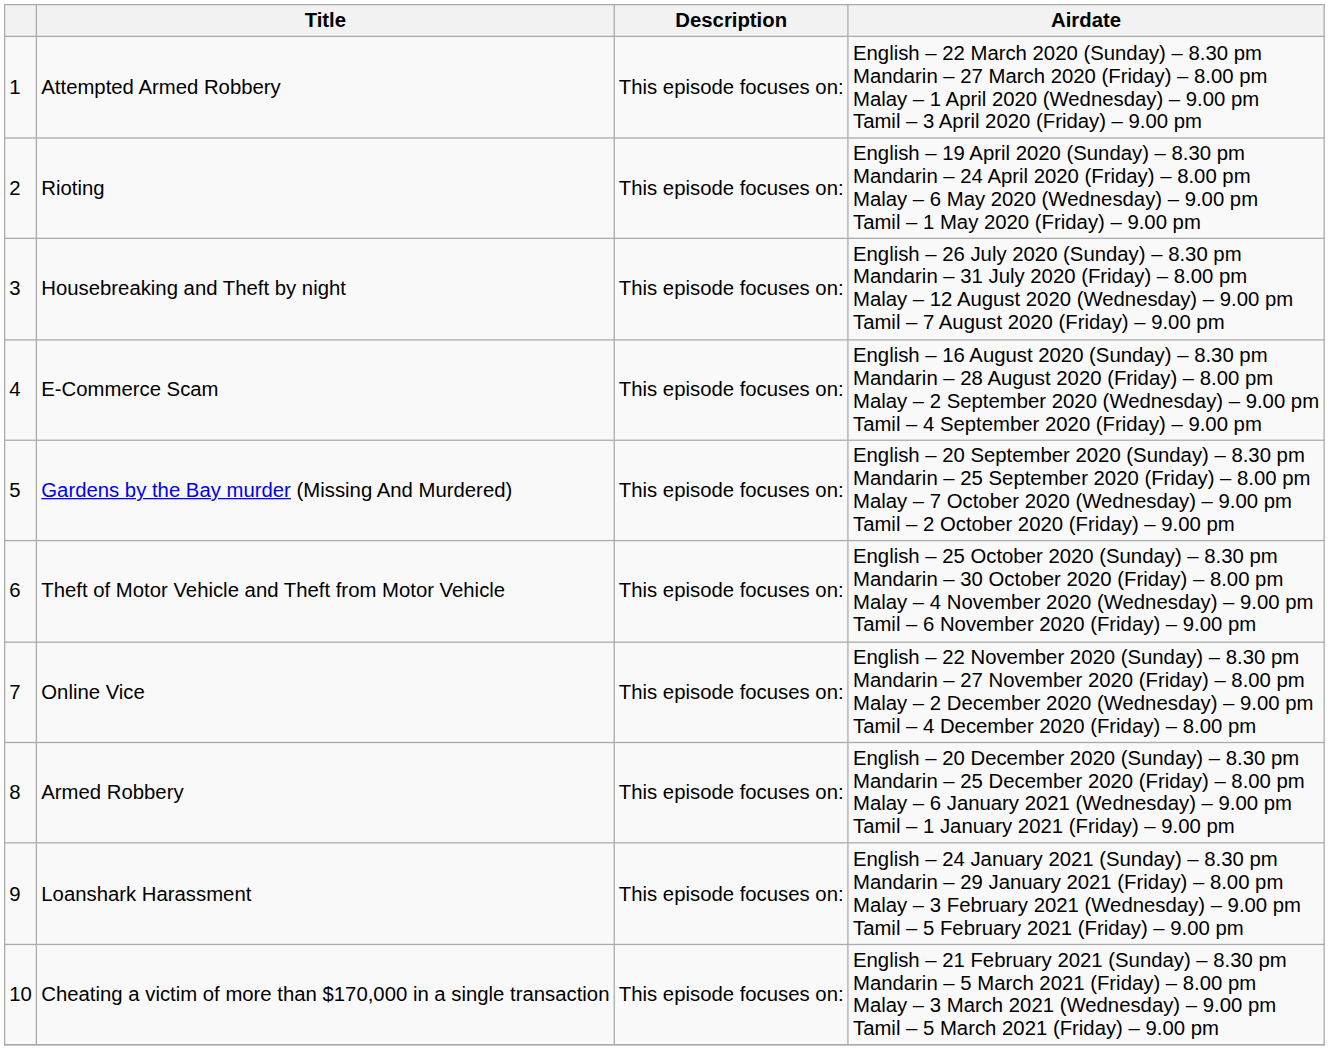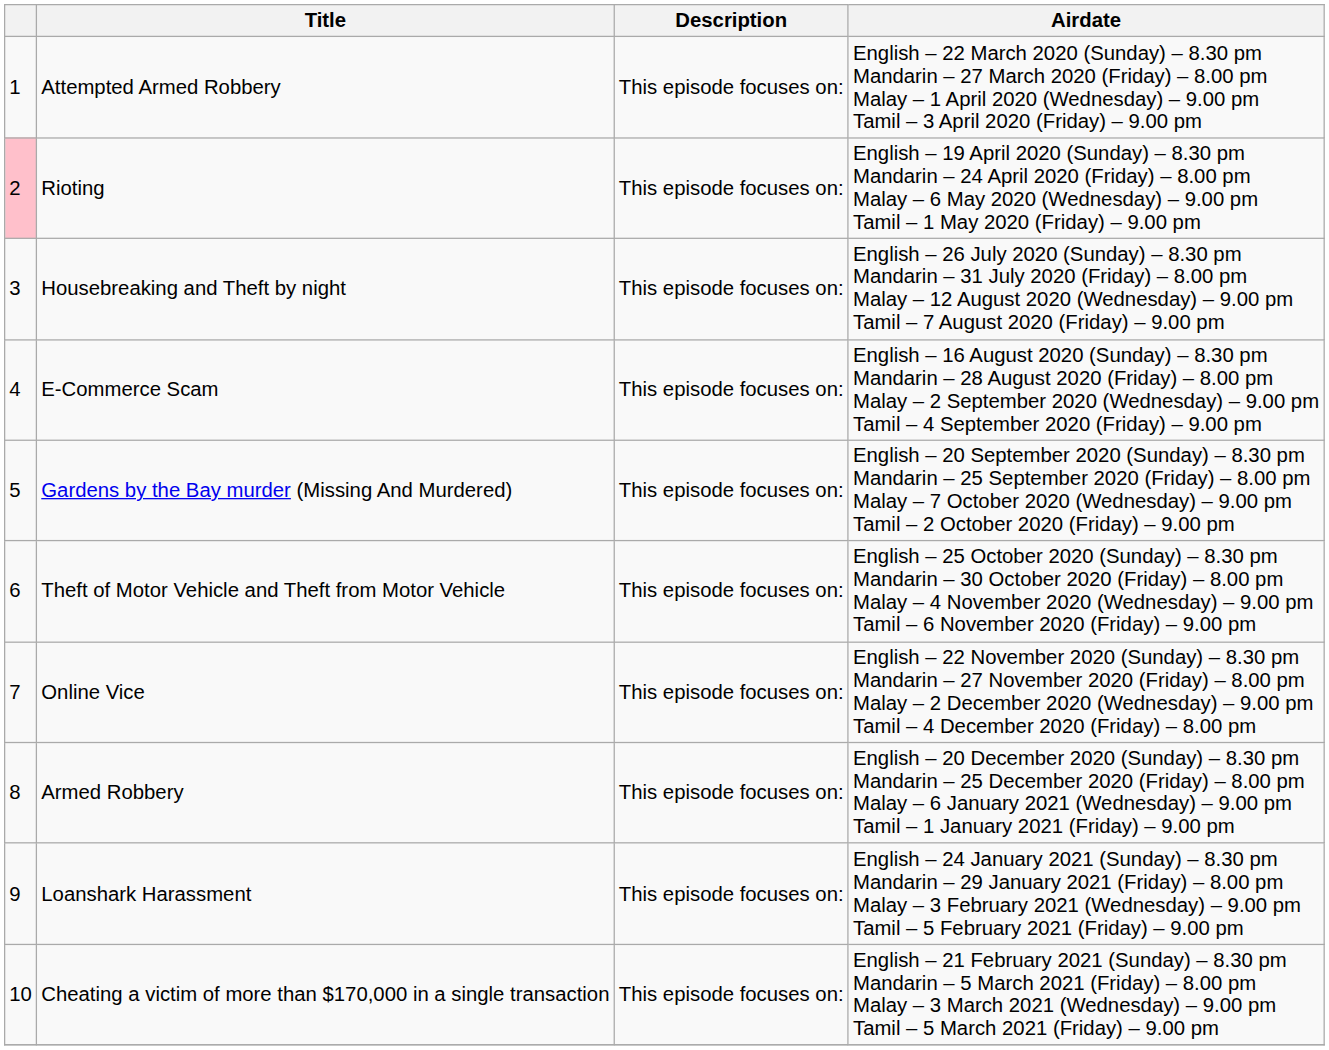 <table class="wikitable">
 <tr>
 <th></th>
 <th>Title</th>
 <th>Description</th>
 <th>Airdate</th>
 </tr>
 <tr To be confirmed>
 <td>1</td>
 <td>Attempted Armed Robbery</td>
 <td>This episode focuses on:</td>
 <td>English – 22 March 2020 (Sunday) – 8.30 pm<br>Mandarin – 27 March 2020 (Friday) – 8.00 pm <br>Malay – 1 April 2020 (Wednesday) – 9.00 pm <br>Tamil – 3 April 2020 (Friday) – 9.00 pm</td>
 </tr>
 <tr>
-<td>2</td>
+<td style="background: pink;">2</td>
 <td>Rioting</td>
 <td>This episode focuses on:</td>
 <td>English – 19 April 2020 (Sunday) – 8.30 pm<br>Mandarin – 24 April 2020 (Friday) – 8.00 pm <br>Malay – 6 May 2020 (Wednesday) – 9.00 pm <br>Tamil – 1 May 2020 (Friday) – 9.00 pm</td>
 </tr>
 <tr>
 <td>3</td>
 <td>Housebreaking and Theft by night</td>
 <td>This episode focuses on:</td>
 <td>English – 26 July 2020 (Sunday) – 8.30 pm<br>Mandarin – 31 July 2020 (Friday) – 8.00 pm <br>Malay – 12 August 2020 (Wednesday) – 9.00 pm <br>Tamil – 7 August 2020 (Friday) – 9.00 pm</td>
 </tr>
 <tr>
 <td>4</td>
 <td>E-Commerce Scam</td>
 <td>This episode focuses on:</td>
 <td>English – 16 August 2020 (Sunday) – 8.30 pm<br>Mandarin – 28 August 2020 (Friday) – 8.00 pm <br>Malay – 2 September 2020 (Wednesday) – 9.00 pm <br>Tamil – 4 September 2020 (Friday) – 9.00 pm</td>
 </tr>
 <tr>
 <td>5</td>
 <td><a href='#'>Gardens by the Bay murder</a> (Missing And Murdered)</td>
 <td>This episode focuses on:</td>
 <td>English – 20 September 2020 (Sunday) – 8.30 pm<br>Mandarin – 25 September 2020 (Friday) – 8.00 pm <br>Malay – 7 October 2020 (Wednesday) – 9.00 pm <br>Tamil – 2 October 2020 (Friday) – 9.00 pm</td>
 </tr>
 <tr>
 <td>6</td>
 <td>Theft of Motor Vehicle and Theft from Motor Vehicle</td>
 <td>This episode focuses on:</td>
 <td>English – 25 October 2020 (Sunday) – 8.30 pm<br>Mandarin – 30 October 2020 (Friday) – 8.00 pm <br>Malay – 4 November 2020 (Wednesday) – 9.00 pm <br>Tamil – 6 November 2020 (Friday) – 9.00 pm</td>
 </tr>
 <tr>
 <td>7</td>
 <td>Online Vice</td>
 <td>This episode focuses on:</td>
 <td>English – 22 November 2020 (Sunday) – 8.30 pm<br>Mandarin – 27 November 2020 (Friday) – 8.00 pm <br>Malay – 2 December 2020 (Wednesday) – 9.00 pm <br>Tamil – 4 December 2020 (Friday) – 8.00 pm</td>
 </tr>
 <tr>
 <td>8</td>
 <td>Armed Robbery</td>
 <td>This episode focuses on:</td>
 <td>English – 20 December 2020 (Sunday) – 8.30 pm<br>Mandarin – 25 December 2020 (Friday) – 8.00 pm <br>Malay – 6 January 2021 (Wednesday) – 9.00 pm <br>Tamil – 1 January 2021 (Friday) – 9.00 pm</td>
 </tr>
 <tr>
 <td>9</td>
 <td>Loanshark Harassment</td>
 <td>This episode focuses on:</td>
 <td>English – 24 January 2021 (Sunday) – 8.30 pm<br>Mandarin – 29 January 2021 (Friday) – 8.00 pm <br>Malay – 3 February 2021 (Wednesday) – 9.00 pm <br>Tamil – 5 February 2021 (Friday) – 9.00 pm</td>
 </tr>
 <tr>
 <td>10</td>
 <td>Cheating a victim of more than $170,000 in a single transaction</td>
 <td>This episode focuses on:</td>
 <td>English – 21 February 2021 (Sunday) – 8.30 pm<br>Mandarin – 5 March 2021 (Friday) – 8.00 pm <br>Malay – 3 March 2021 (Wednesday) – 9.00 pm <br>Tamil – 5 March 2021 (Friday) – 9.00 pm</td>
 </tr>
 <tr>
 </tr>
 </table>
